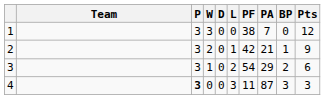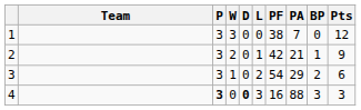 <table class="wikitable" style="text-align:center;">
 <tr>
 <th></th>
 <th width="200px">Team</th>
 <th>P</th>
 <th>W</th>
 <th>D</th>
 <th>L</th>
 <th>PF</th>
 <th>PA</th>
 <th>BP</th>
 <th>Pts</th>
 </tr>
 <tr>
 <td>1</td>
 <td></td>
 <td>3</td>
 <td>3</td>
 <td>0</td>
 <td>0</td>
 <td>38</td>
 <td>7</td>
 <td>0</td>
 <td>12</td>
 </tr>
 <tr>
 <td>2</td>
 <td></td>
 <td>3</td>
 <td>2</td>
 <td>0</td>
 <td>1</td>
 <td>42</td>
 <td>21</td>
 <td>1</td>
 <td>9</td>
 </tr>
 <tr>
 <td>3</td>
 <td></td>
 <td>3</td>
 <td>1</td>
 <td>0</td>
 <td>2</td>
 <td>54</td>
 <td>29</td>
 <td>2</td>
 <td>6</td>
 </tr>
 <tr>
 <td>4</td>
 <td></td>
 <td><strong>3</strong></td>
 <td>0</td>
-<td>0</td>
+<td><strong>0</strong></td>
 <td>3</td>
-<td>11</td>
-<td>87</td>
+<td>16</td>
+<td>88</td>
 <td>3</td>
 <td>3</td>
 </tr>
 </table>
